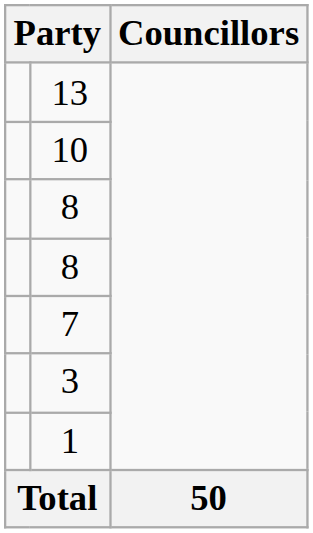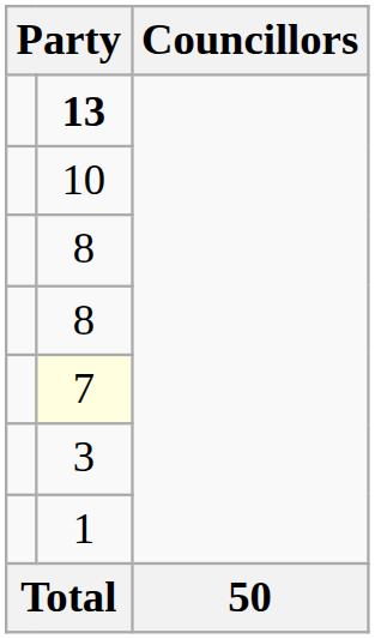 <table class="wikitable">
 <tr>
 <th colspan=2>Party</th>
 <th>Councillors</th>
 </tr>
 <tr>
 <td></td>
-<td align=center>13</td>
+<td align=center><strong>13</strong></td>
 </tr>
 <tr>
 <td></td>
 <td align=center>10</td>
 </tr>
 <tr>
 <td></td>
 <td align=center>8</td>
 </tr>
 <tr>
 <td></td>
 <td align=center>8</td>
 </tr>
 <tr>
 <td></td>
-<td align=center>7</td>
+<td align=center style="background: lightyellow;">7</td>
 </tr>
 <tr>
 <td></td>
 <td align=center>3</td>
 </tr>
 <tr>
 <td></td>
 <td align=center>1</td>
 </tr>
 <tr>
 <th colspan=2>Total</th>
 <th>50</th>
 </tr>
 </table>
